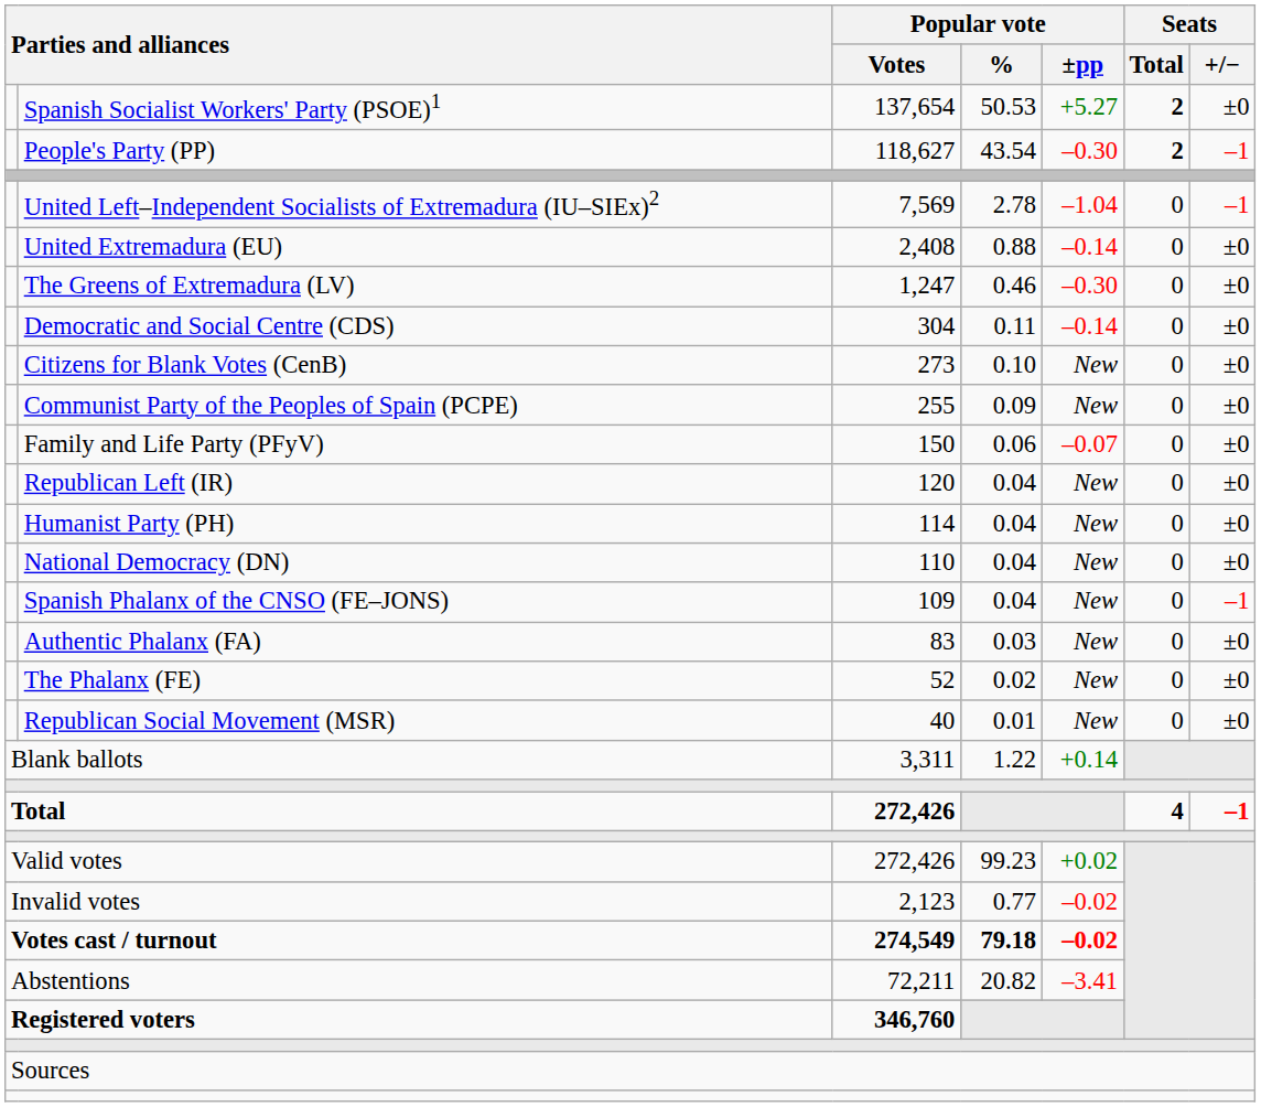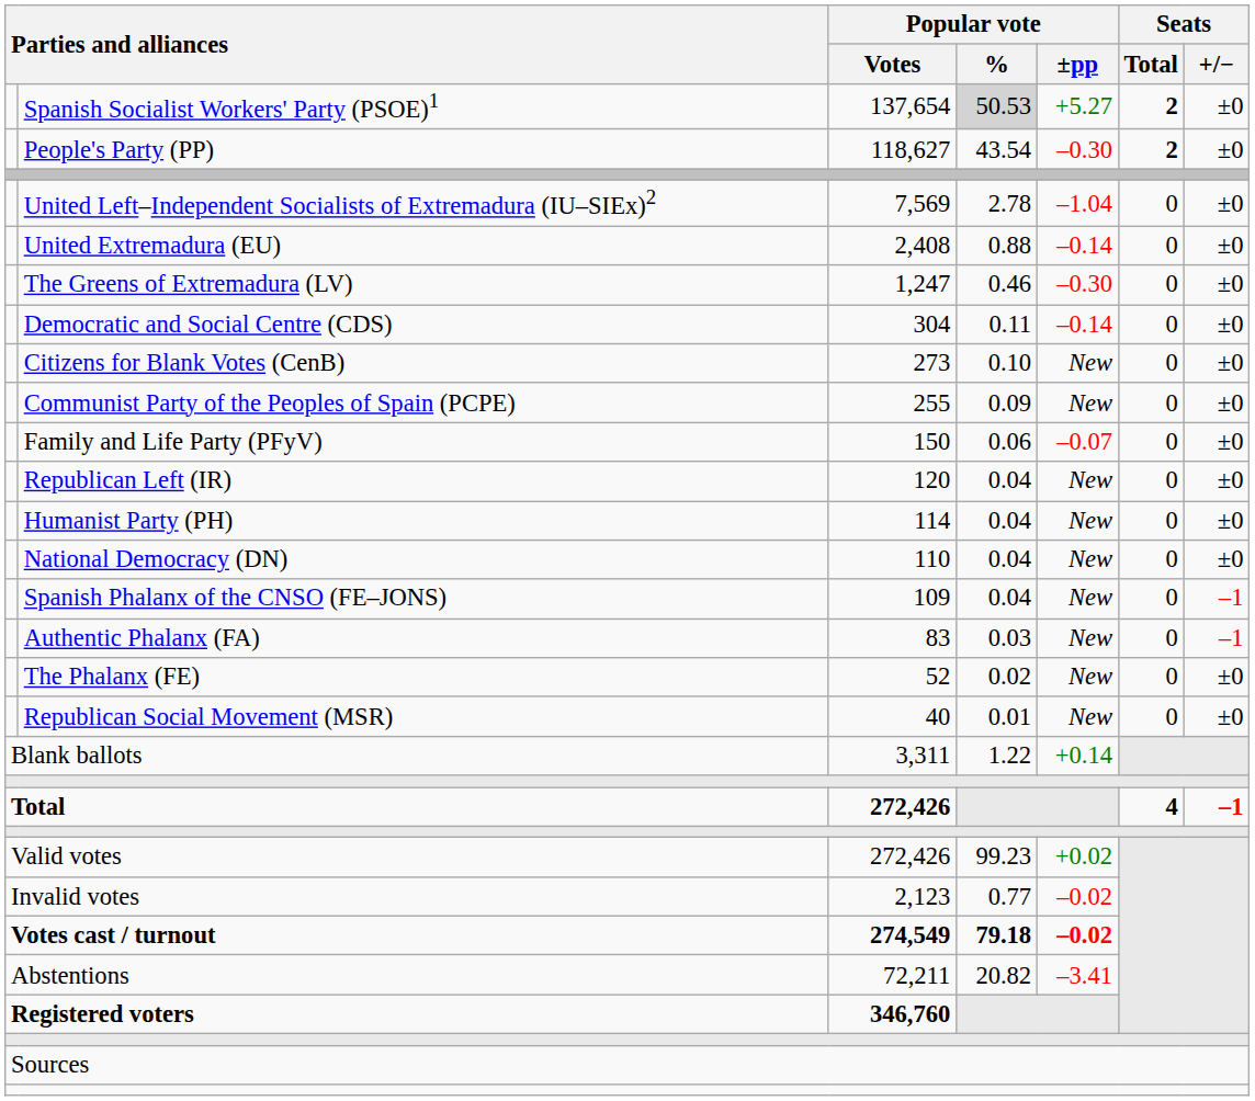 <table class="wikitable" style="text-align:right;">
 <tr>
 <th style="text-align:left;" rowspan="2" colspan="2" width="525">Parties and alliances</th>
 <th colspan="3">Popular vote</th>
 <th colspan="2">Seats</th>
 </tr>
 <tr>
 <th width="75">Votes</th>
 <th width="45">%</th>
 <th width="45">±<a href='#'>pp</a></th>
 <th width="35">Total</th>
 <th width="35">+/−</th>
 </tr>
 <tr>
 <td width="1" style="color:inherit;background:"></td>
 <td align="left"><a href='#'>Spanish Socialist Workers' Party</a> (PSOE)<sup>1</sup></td>
 <td>137,654</td>
-<td>50.53</td>
+<td style="background: lightgrey;">50.53</td>
 <td style="color:green;">+5.27</td>
 <td><strong>2</strong></td>
 <td>±0</td>
 </tr>
 <tr>
 <td style="color:inherit;background:"></td>
 <td align="left"><a href='#'>People's Party</a> (PP)</td>
 <td>118,627</td>
 <td>43.54</td>
 <td style="color:red;">–0.30</td>
 <td><strong>2</strong></td>
-<td style="color:red;">–1</td>
+<td>±0</td>
 </tr>
 <tr>
 <td colspan="7" bgcolor="#C0C0C0"></td>
 </tr>
 <tr>
 <td style="color:inherit;background:"></td>
 <td align="left"><a href='#'>United Left</a>–<a href='#'>Independent Socialists of Extremadura</a> (IU–SIEx)<sup>2</sup></td>
 <td>7,569</td>
 <td>2.78</td>
 <td style="color:red;">–1.04</td>
 <td>0</td>
-<td style="color:red;">–1</td>
+<td>±0</td>
 </tr>
 <tr>
 <td style="color:inherit;background:"></td>
 <td align="left"><a href='#'>United Extremadura</a> (EU)</td>
 <td>2,408</td>
 <td>0.88</td>
 <td style="color:red;">–0.14</td>
 <td>0</td>
 <td>±0</td>
 </tr>
 <tr>
 <td style="color:inherit;background:"></td>
 <td align="left"><a href='#'>The Greens of Extremadura</a> (LV)</td>
 <td>1,247</td>
 <td>0.46</td>
 <td style="color:red;">–0.30</td>
 <td>0</td>
 <td>±0</td>
 </tr>
 <tr>
 <td style="color:inherit;background:"></td>
 <td align="left"><a href='#'>Democratic and Social Centre</a> (CDS)</td>
 <td>304</td>
 <td>0.11</td>
 <td style="color:red;">–0.14</td>
 <td>0</td>
 <td>±0</td>
 </tr>
 <tr>
 <td style="color:inherit;background:"></td>
 <td align="left"><a href='#'>Citizens for Blank Votes</a> (CenB)</td>
 <td>273</td>
 <td>0.10</td>
 <td><em>New</em></td>
 <td>0</td>
 <td>±0</td>
 </tr>
 <tr>
 <td style="color:inherit;background:"></td>
 <td align="left"><a href='#'>Communist Party of the Peoples of Spain</a> (PCPE)</td>
 <td>255</td>
 <td>0.09</td>
 <td><em>New</em></td>
 <td>0</td>
 <td>±0</td>
 </tr>
 <tr>
 <td style="color:inherit;background:"></td>
 <td align="left">Family and Life Party (PFyV)</td>
 <td>150</td>
 <td>0.06</td>
 <td style="color:red;">–0.07</td>
 <td>0</td>
 <td>±0</td>
 </tr>
 <tr>
 <td style="color:inherit;background:"></td>
 <td align="left"><a href='#'>Republican Left</a> (IR)</td>
 <td>120</td>
 <td>0.04</td>
 <td><em>New</em></td>
 <td>0</td>
 <td>±0</td>
 </tr>
 <tr>
 <td style="color:inherit;background:"></td>
 <td align="left"><a href='#'>Humanist Party</a> (PH)</td>
 <td>114</td>
 <td>0.04</td>
 <td><em>New</em></td>
 <td>0</td>
 <td>±0</td>
 </tr>
 <tr>
 <td style="color:inherit;background:"></td>
 <td align="left"><a href='#'>National Democracy</a> (DN)</td>
 <td>110</td>
 <td>0.04</td>
 <td><em>New</em></td>
 <td>0</td>
 <td>±0</td>
 </tr>
 <tr>
 <td style="color:inherit;background:"></td>
 <td align="left"><a href='#'>Spanish Phalanx of the CNSO</a> (FE–JONS)</td>
 <td>109</td>
 <td>0.04</td>
 <td><em>New</em></td>
 <td>0</td>
 <td style="color:red;">–1</td>
 </tr>
 <tr>
 <td style="color:inherit;background:"></td>
 <td align="left"><a href='#'>Authentic Phalanx</a> (FA)</td>
 <td>83</td>
 <td>0.03</td>
 <td><em>New</em></td>
 <td>0</td>
-<td>±0</td>
+<td style="color:red;">–1</td>
 </tr>
 <tr>
 <td style="color:inherit;background:"></td>
 <td align="left"><a href='#'>The Phalanx</a> (FE)</td>
 <td>52</td>
 <td>0.02</td>
 <td><em>New</em></td>
 <td>0</td>
 <td>±0</td>
 </tr>
 <tr>
 <td style="color:inherit;background:"></td>
 <td align="left"><a href='#'>Republican Social Movement</a> (MSR)</td>
 <td>40</td>
 <td>0.01</td>
 <td><em>New</em></td>
 <td>0</td>
 <td>±0</td>
 </tr>
 <tr>
 <td align="left" colspan="2">Blank ballots</td>
 <td>3,311</td>
 <td>1.22</td>
 <td style="color:green;">+0.14</td>
 <td bgcolor="#E9E9E9" colspan="2"></td>
 </tr>
 <tr>
 <td colspan="7" bgcolor="#E9E9E9"></td>
 </tr>
 <tr style="font-weight:bold;">
 <td align="left" colspan="2">Total</td>
 <td>272,426</td>
 <td bgcolor="#E9E9E9" colspan="2"></td>
 <td>4</td>
 <td style="color:red;">–1</td>
 </tr>
 <tr>
 <td colspan="7" bgcolor="#E9E9E9"></td>
 </tr>
 <tr>
 <td align="left" colspan="2">Valid votes</td>
 <td>272,426</td>
 <td>99.23</td>
 <td style="color:green;">+0.02</td>
 <td bgcolor="#E9E9E9" colspan="2" rowspan="5"></td>
 </tr>
 <tr>
 <td align="left" colspan="2">Invalid votes</td>
 <td>2,123</td>
 <td>0.77</td>
 <td style="color:red;">–0.02</td>
 </tr>
 <tr style="font-weight:bold;">
 <td align="left" colspan="2">Votes cast / turnout</td>
 <td>274,549</td>
 <td>79.18</td>
 <td style="color:red;">–0.02</td>
 </tr>
 <tr>
 <td align="left" colspan="2">Abstentions</td>
 <td>72,211</td>
 <td>20.82</td>
 <td style="color:red;">–3.41</td>
 </tr>
 <tr style="font-weight:bold;">
 <td align="left" colspan="2">Registered voters</td>
 <td>346,760</td>
 <td bgcolor="#E9E9E9" colspan="2"></td>
 </tr>
 <tr>
 <td colspan="7" bgcolor="#E9E9E9"></td>
 </tr>
 <tr>
 <td align="left" colspan="7">Sources</td>
 </tr>
 <tr>
 <td colspan="7" style="text-align:left; max-width:790px;"></td>
 </tr>
 </table>
